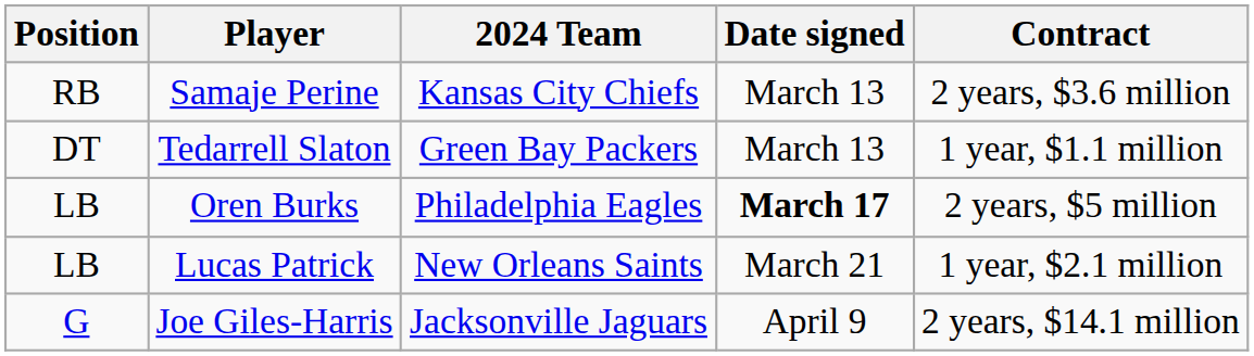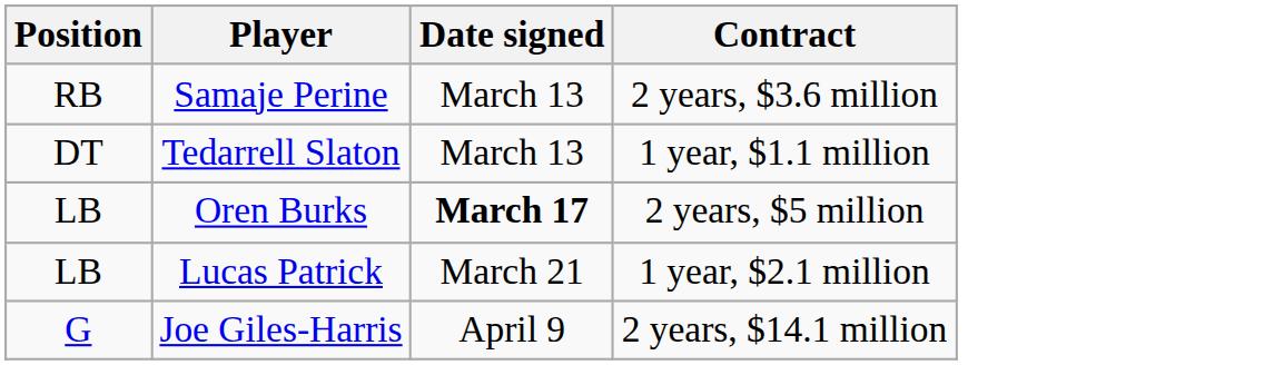 <table class="wikitable" style="text-align:center">
 <tr>
 <th>Position</th>
 <th>Player</th>
-<th>2024 Team</th>
 <th>Date signed</th>
 <th>Contract</th>
 </tr>
 <tr>
 <td>RB</td>
 <td><a href='#'>Samaje Perine</a></td>
-<td><a href='#'>Kansas City Chiefs</a></td>
 <td>March 13</td>
 <td>2 years, $3.6 million</td>
 </tr>
 <tr>
 <td>DT</td>
 <td><a href='#'>Tedarrell Slaton</a></td>
-<td><a href='#'>Green Bay Packers</a></td>
 <td>March 13</td>
 <td>1 year, $1.1 million</td>
 </tr>
 <tr>
 <td>LB</td>
 <td><a href='#'>Oren Burks</a></td>
-<td><a href='#'>Philadelphia Eagles</a></td>
 <td><strong>March 17</strong></td>
 <td>2 years, $5 million</td>
 </tr>
 <tr>
 <td>LB</td>
 <td><a href='#'>Lucas Patrick</a></td>
-<td><a href='#'>New Orleans Saints</a></td>
 <td>March 21</td>
 <td>1 year, $2.1 million</td>
 </tr>
 <tr>
 <td><a href='#'>G</a></td>
 <td><a href='#'>Joe Giles-Harris</a></td>
-<td><a href='#'>Jacksonville Jaguars</a></td>
 <td>April 9</td>
 <td>2 years, $14.1 million</td>
 </tr>
 </table>
